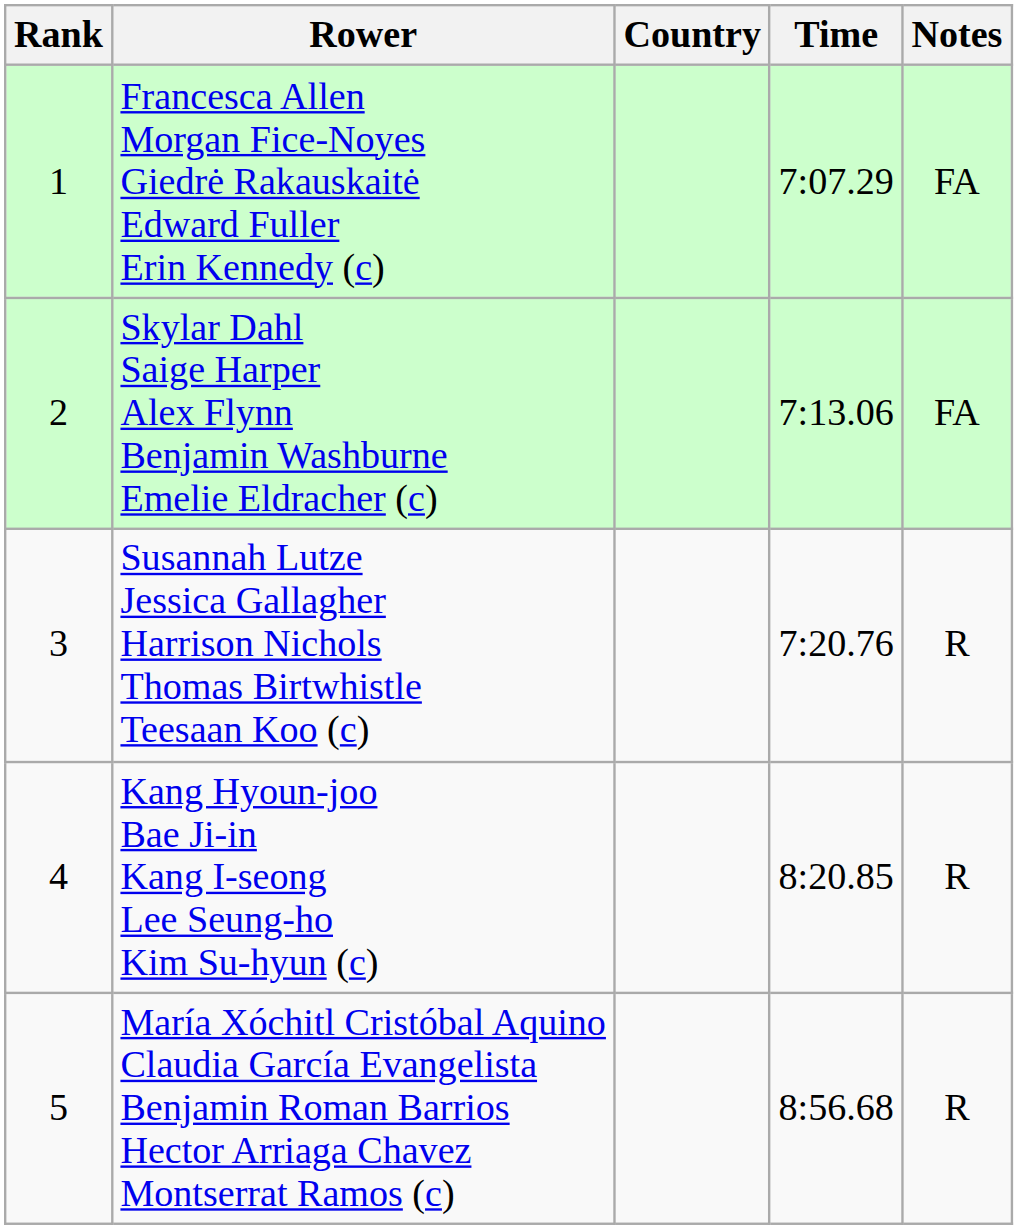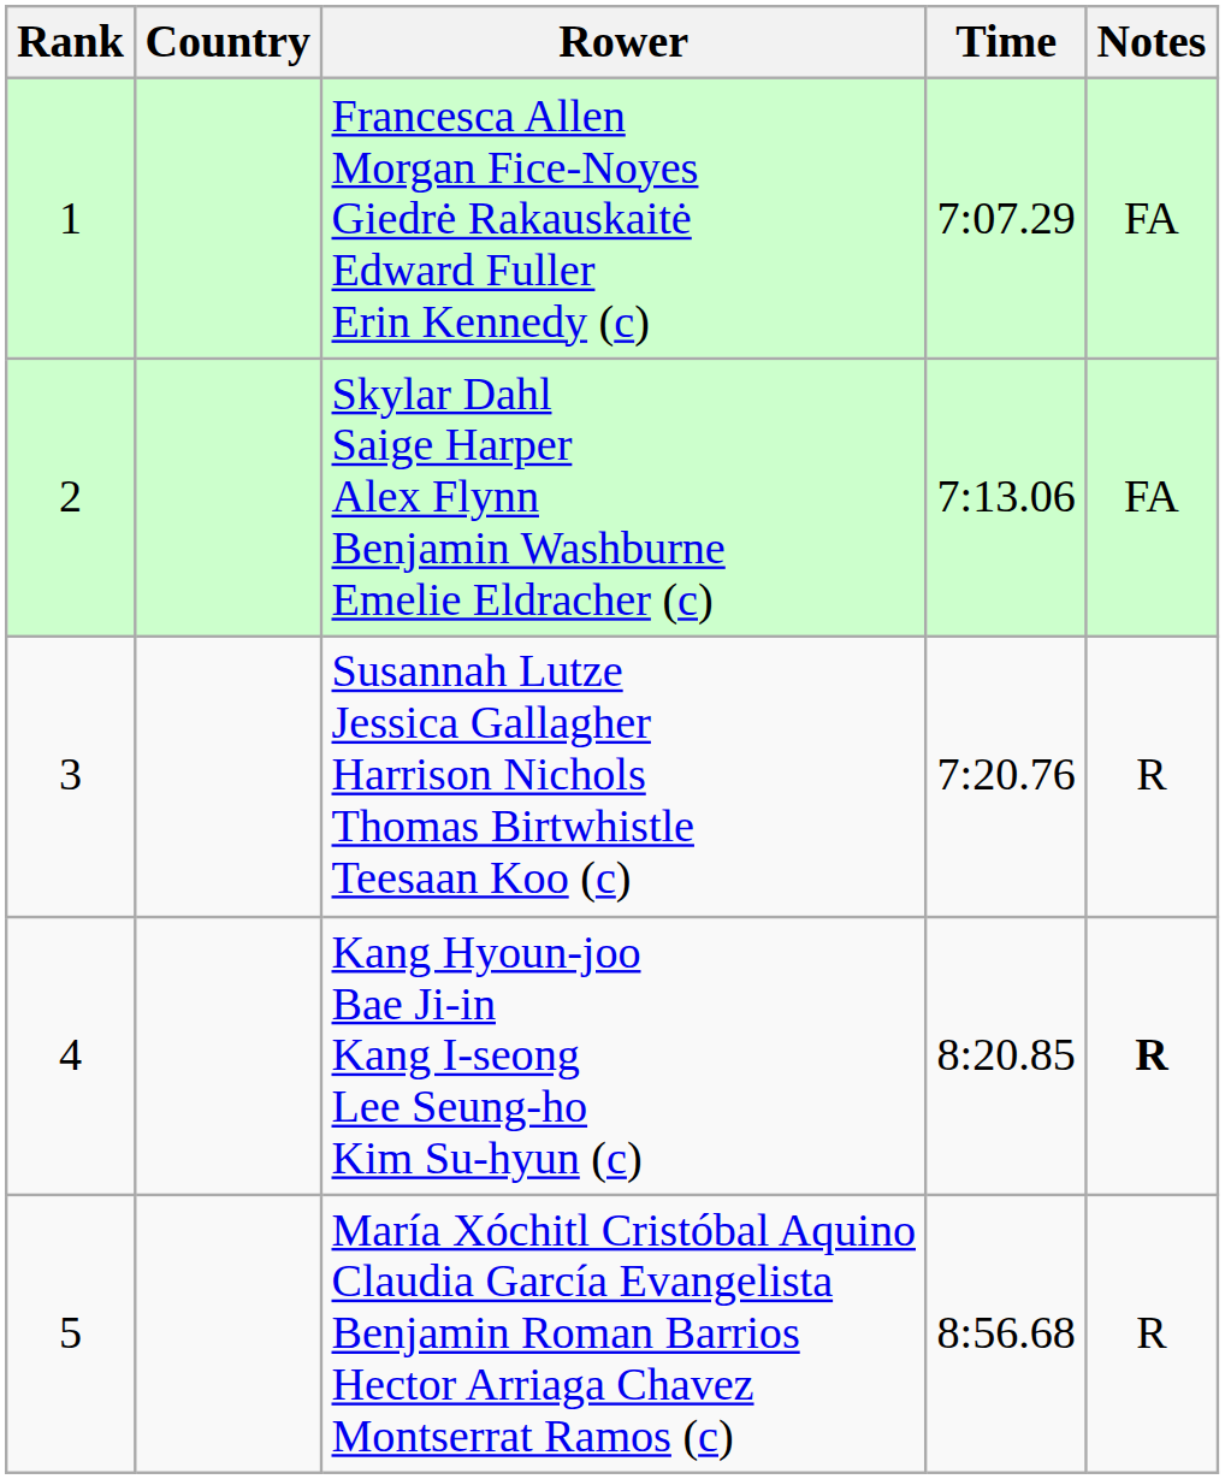 <table class="wikitable" style="text-align:center">
 <tr>
 <th>Rank</th>
+<th>Country</th>
 <th>Rower</th>
-<th>Country</th>
 <th>Time</th>
 <th>Notes</th>
 </tr>
 <tr bgcolor=ccffcc>
 <td>1</td>
+<td align="left"></td>
 <td align="left"><a href='#'>Francesca Allen</a><br><a href='#'>Morgan Fice-Noyes</a><br><a href='#'>Giedrė Rakauskaitė</a><br><a href='#'>Edward Fuller</a><br><a href='#'>Erin Kennedy</a> (<a href='#'>c</a>)</td>
-<td align="left"></td>
 <td>7:07.29</td>
 <td>FA</td>
 </tr>
 <tr bgcolor=ccffcc>
 <td>2</td>
+<td align="left"></td>
 <td align="left"><a href='#'>Skylar Dahl</a><br><a href='#'>Saige Harper</a><br><a href='#'>Alex Flynn</a><br><a href='#'>Benjamin Washburne</a><br><a href='#'>Emelie Eldracher</a> (<a href='#'>c</a>)</td>
-<td align="left"></td>
 <td>7:13.06</td>
 <td>FA</td>
 </tr>
 <tr>
 <td>3</td>
+<td align="left"></td>
 <td align="left"><a href='#'>Susannah Lutze</a><br><a href='#'>Jessica Gallagher</a><br><a href='#'>Harrison Nichols</a><br><a href='#'>Thomas Birtwhistle</a><br><a href='#'>Teesaan Koo</a> (<a href='#'>c</a>)</td>
-<td align="left"></td>
 <td>7:20.76</td>
 <td>R</td>
 </tr>
 <tr>
 <td>4</td>
+<td align="left"></td>
 <td align="left"><a href='#'>Kang Hyoun-joo</a><br><a href='#'>Bae Ji-in</a><br><a href='#'>Kang I-seong</a><br><a href='#'>Lee Seung-ho</a><br><a href='#'>Kim Su-hyun</a> (<a href='#'>c</a>)</td>
-<td align="left"></td>
 <td>8:20.85</td>
-<td>R</td>
+<td><strong>R</strong></td>
 </tr>
 <tr>
 <td>5</td>
+<td align="left"></td>
 <td align="left"><a href='#'>María Xóchitl Cristóbal Aquino</a><br><a href='#'>Claudia García Evangelista</a><br><a href='#'>Benjamin Roman Barrios</a><br><a href='#'>Hector Arriaga Chavez</a><br><a href='#'>Montserrat Ramos</a> (<a href='#'>c</a>)</td>
-<td align="left"></td>
 <td>8:56.68</td>
 <td>R</td>
 </tr>
 </table>
